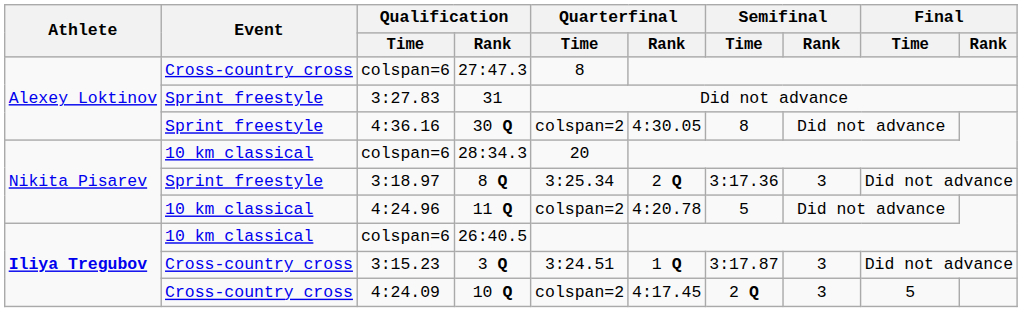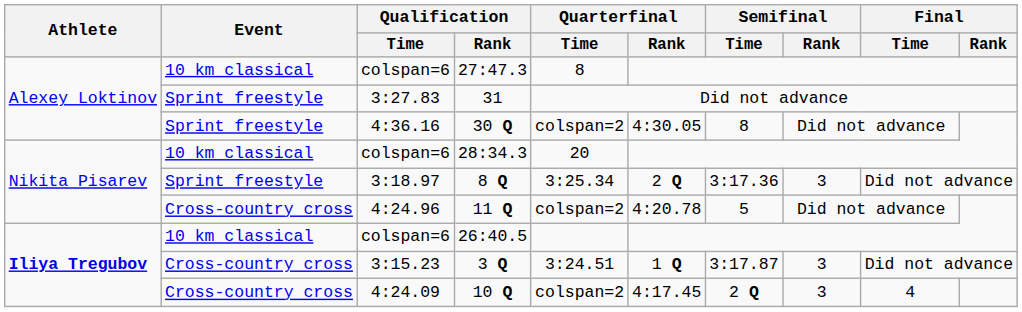 <table class="wikitable" style="font-size:90%; text-align:center;">
 <tr>
 <th rowspan=2>Athlete</th>
 <th rowspan=2>Event</th>
 <th colspan=2>Qualification</th>
 <th colspan=2>Quarterfinal</th>
 <th colspan=2>Semifinal</th>
 <th colspan=2>Final</th>
 </tr>
 <tr style="font-size:95%">
 <th>Time</th>
 <th>Rank</th>
 <th>Time</th>
 <th>Rank</th>
 <th>Time</th>
 <th>Rank</th>
 <th>Time</th>
 <th>Rank</th>
 </tr>
 <tr>
 <td align=left rowspan=3><a href='#'>Alexey Loktinov</a></td>
-<td align=left><a href='#'>Cross-country cross</a></td>
+<td align=left><a href='#'>10 km classical</a></td>
 <td>colspan=6 </td>
 <td>27:47.3</td>
 <td>8</td>
 </tr>
 <tr>
 <td align=left><a href='#'>Sprint freestyle</a></td>
 <td>3:27.83</td>
 <td>31</td>
 <td colspan=6>Did not advance</td>
 </tr>
 <tr>
 <td align=left><a href='#'>Sprint freestyle</a></td>
 <td>4:36.16</td>
 <td>30 <strong>Q</strong></td>
 <td>colspan=2 </td>
 <td>4:30.05</td>
 <td>8</td>
 <td colspan=2>Did not advance</td>
 </tr>
 <tr>
 <td align=left rowspan=3><a href='#'>Nikita Pisarev</a></td>
 <td align=left><a href='#'>10 km classical</a></td>
 <td>colspan=6 </td>
 <td>28:34.3</td>
 <td>20</td>
 </tr>
 <tr>
 <td align=left><a href='#'>Sprint freestyle</a></td>
 <td>3:18.97</td>
 <td>8 <strong>Q</strong></td>
 <td>3:25.34</td>
 <td>2 <strong>Q</strong></td>
 <td>3:17.36</td>
 <td>3</td>
 <td colspan=2>Did not advance</td>
 </tr>
 <tr>
-<td align=left><a href='#'>10 km classical</a></td>
+<td align=left><a href='#'>Cross-country cross</a></td>
 <td>4:24.96</td>
 <td>11 <strong>Q</strong></td>
 <td>colspan=2 </td>
 <td>4:20.78</td>
 <td>5</td>
 <td colspan=2>Did not advance</td>
 </tr>
 <tr>
 <td align=left rowspan=3><strong><a href='#'>Iliya Tregubov</a></strong></td>
 <td align=left><a href='#'>10 km classical</a></td>
 <td>colspan=6 </td>
 <td>26:40.5</td>
 <td></td>
 </tr>
 <tr>
 <td align=left><a href='#'>Cross-country cross</a></td>
 <td>3:15.23</td>
 <td>3 <strong>Q</strong></td>
 <td>3:24.51</td>
 <td>1 <strong>Q</strong></td>
 <td>3:17.87</td>
 <td>3</td>
 <td colspan=2>Did not advance</td>
 </tr>
 <tr>
 <td align=left><a href='#'>Cross-country cross</a></td>
 <td>4:24.09</td>
 <td>10 <strong>Q</strong></td>
 <td>colspan=2 </td>
 <td>4:17.45</td>
 <td>2 <strong>Q</strong></td>
 <td>3</td>
-<td>5</td>
+<td>4</td>
 </tr>
 </table>
